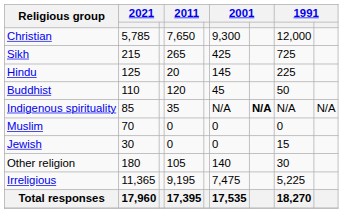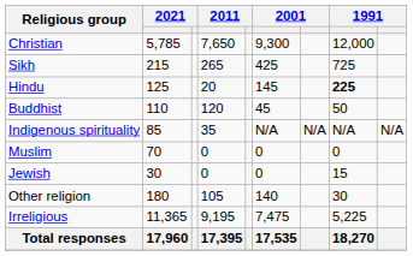 <table class="wikitable collapsible sortable">
 <tr>
 <th rowspan="2">Religious group</th>
 <th colspan="2"><a href='#'>2021</a></th>
 <th colspan="2"><a href='#'>2011</a></th>
 <th colspan="2"><a href='#'>2001</a></th>
 <th colspan="2"><a href='#'>1991</a></th>
 </tr>
 <tr>
 <th><a href='#'></a></th>
 <th></th>
 <th></th>
 <th></th>
 <th></th>
 <th></th>
 <th></th>
 <th></th>
 </tr>
 <tr>
 <td><a href='#'>Christian</a></td>
 <td>5,785</td>
 <td></td>
 <td>7,650</td>
 <td></td>
 <td>9,300</td>
 <td></td>
 <td>12,000</td>
 <td></td>
 </tr>
 <tr>
 <td><a href='#'>Sikh</a></td>
 <td>215</td>
 <td></td>
 <td>265</td>
 <td></td>
 <td>425</td>
 <td></td>
 <td>725</td>
 <td></td>
 </tr>
 <tr>
 <td><a href='#'>Hindu</a></td>
 <td>125</td>
 <td></td>
 <td>20</td>
 <td></td>
 <td>145</td>
 <td></td>
-<td>225</td>
+<td><strong>225</strong></td>
 <td></td>
 </tr>
 <tr>
 <td><a href='#'>Buddhist</a></td>
 <td>110</td>
 <td></td>
 <td>120</td>
 <td></td>
 <td>45</td>
 <td></td>
 <td>50</td>
 <td></td>
 </tr>
 <tr>
 <td><a href='#'>Indigenous spirituality</a></td>
 <td>85</td>
 <td></td>
 <td>35</td>
 <td></td>
 <td>N/A</td>
-<td><strong>N/A</strong></td>
+<td>N/A</td>
 <td>N/A</td>
 <td>N/A</td>
 </tr>
 <tr>
 <td><a href='#'>Muslim</a></td>
 <td>70</td>
 <td></td>
 <td>0</td>
 <td></td>
 <td>0</td>
 <td></td>
 <td>0</td>
 <td></td>
 </tr>
 <tr>
 <td><a href='#'>Jewish</a></td>
 <td>30</td>
 <td></td>
 <td>0</td>
 <td></td>
 <td>0</td>
 <td></td>
 <td>15</td>
 <td></td>
 </tr>
 <tr>
 <td>Other religion</td>
 <td>180</td>
 <td></td>
 <td>105</td>
 <td></td>
 <td>140</td>
 <td></td>
 <td>30</td>
 <td></td>
 </tr>
 <tr>
 <td><a href='#'>Irreligious</a></td>
 <td>11,365</td>
 <td></td>
 <td>9,195</td>
 <td></td>
 <td>7,475</td>
 <td></td>
 <td>5,225</td>
 <td></td>
 </tr>
 <tr class="sortbottom">
 <th>Total responses</th>
 <th>17,960</th>
 <th></th>
 <th>17,395</th>
 <th></th>
 <th>17,535</th>
 <th></th>
 <th>18,270</th>
 <th></th>
 </tr>
 <tr>
 </tr>
 </table>
